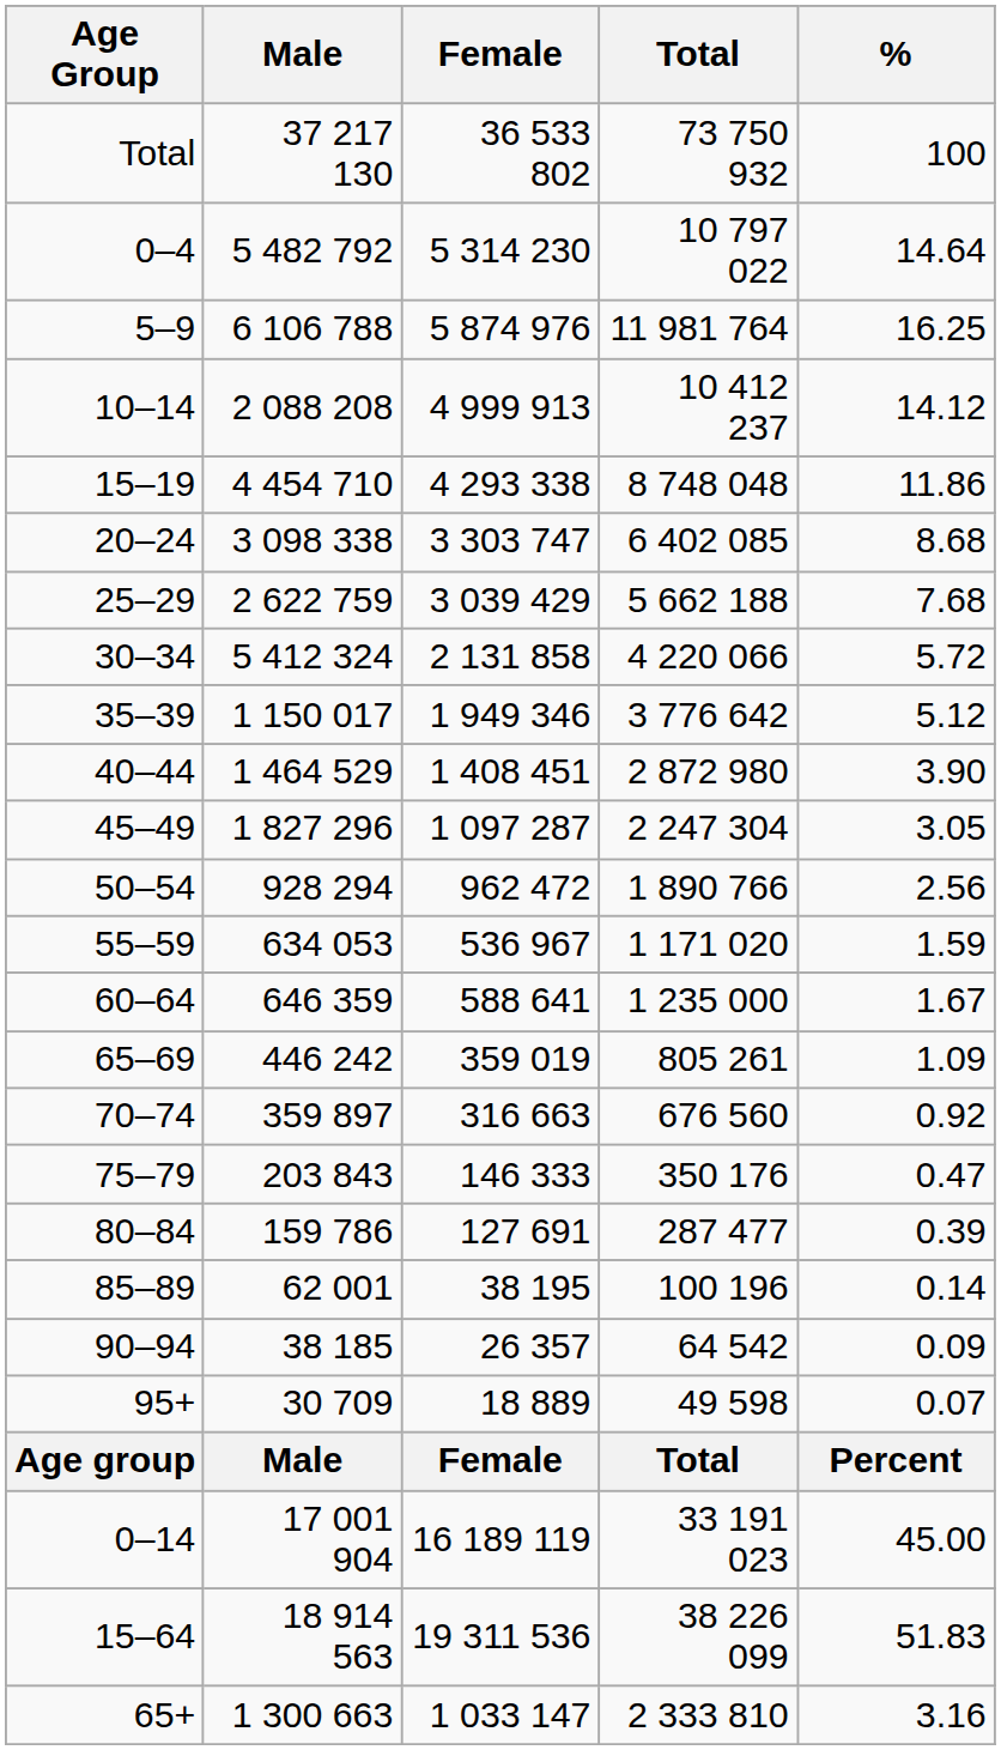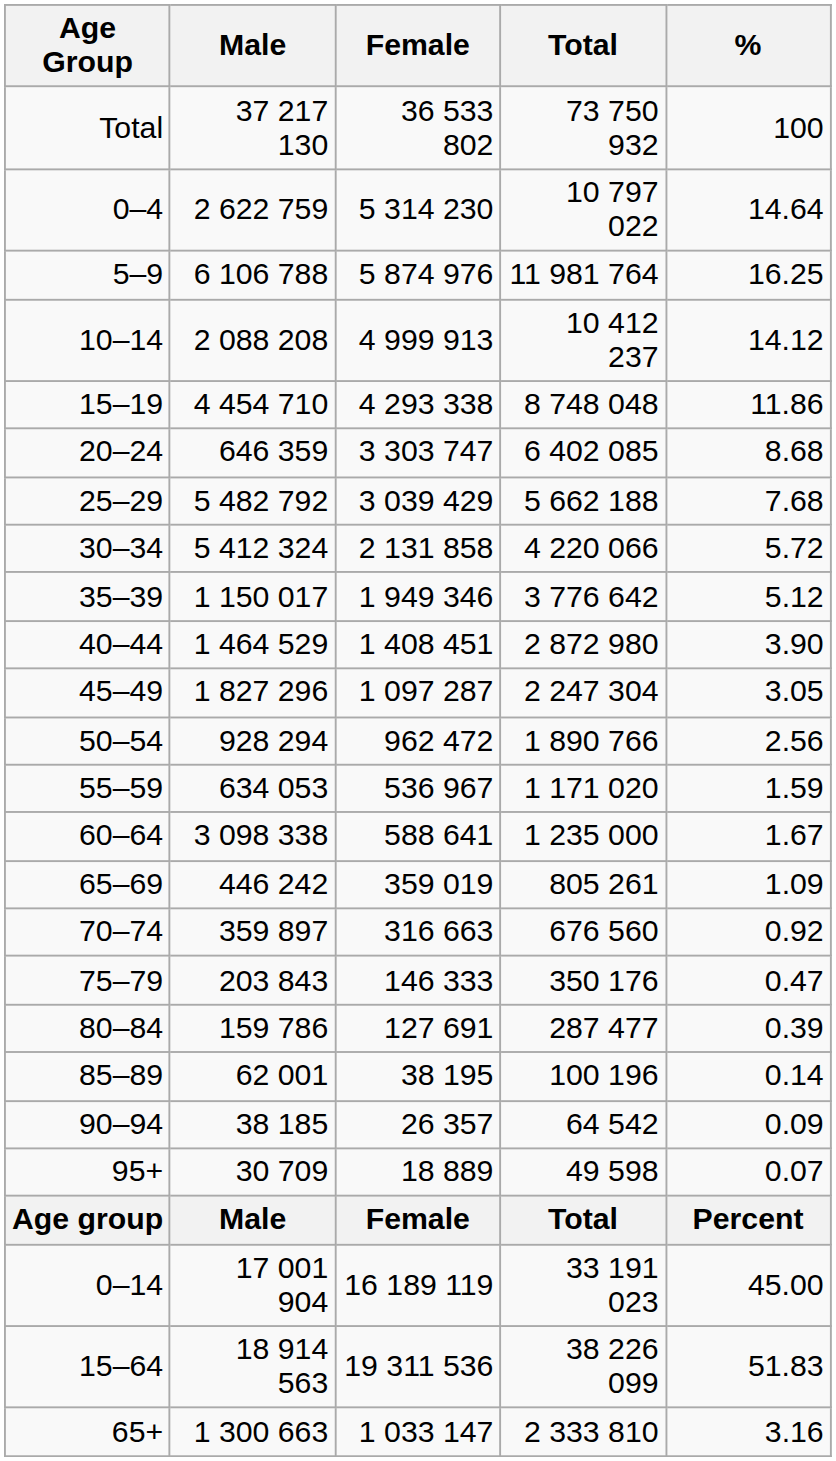 <table class="wikitable">
 <tr>
 <th width="80pt">Age Group</th>
 <th width="80pt">Male</th>
 <th width="80pt">Female</th>
 <th width="80pt">Total</th>
 <th width="80pt">%</th>
 </tr>
 <tr>
 <td align="right">Total</td>
 <td align="right">37 217 130</td>
 <td align="right">36 533 802</td>
 <td align="right">73 750 932</td>
 <td align="right">100</td>
 </tr>
 <tr>
 <td align="right">0–4</td>
-<td align="right">5 482 792</td>
+<td align="right">2 622 759</td>
 <td align="right">5 314 230</td>
 <td align="right">10 797 022</td>
 <td align="right">14.64</td>
 </tr>
 <tr>
 <td align="right">5–9</td>
 <td align="right">6 106 788</td>
 <td align="right">5 874 976</td>
 <td align="right">11 981 764</td>
 <td align="right">16.25</td>
 </tr>
 <tr>
 <td align="right">10–14</td>
 <td align="right">2 088 208</td>
 <td align="right">4 999 913</td>
 <td align="right">10 412 237</td>
 <td align="right">14.12</td>
 </tr>
 <tr>
 <td align="right">15–19</td>
 <td align="right">4 454 710</td>
 <td align="right">4 293 338</td>
 <td align="right">8 748 048</td>
 <td align="right">11.86</td>
 </tr>
 <tr>
 <td align="right">20–24</td>
-<td align="right">3 098 338</td>
+<td align="right">646 359</td>
 <td align="right">3 303 747</td>
 <td align="right">6 402 085</td>
 <td align="right">8.68</td>
 </tr>
 <tr>
 <td align="right">25–29</td>
-<td align="right">2 622 759</td>
+<td align="right">5 482 792</td>
 <td align="right">3 039 429</td>
 <td align="right">5 662 188</td>
 <td align="right">7.68</td>
 </tr>
 <tr>
 <td align="right">30–34</td>
 <td align="right">5 412 324</td>
 <td align="right">2 131 858</td>
 <td align="right">4 220 066</td>
 <td align="right">5.72</td>
 </tr>
 <tr>
 <td align="right">35–39</td>
 <td align="right">1 150 017</td>
 <td align="right">1 949 346</td>
 <td align="right">3 776 642</td>
 <td align="right">5.12</td>
 </tr>
 <tr>
 <td align="right">40–44</td>
 <td align="right">1 464 529</td>
 <td align="right">1 408 451</td>
 <td align="right">2 872 980</td>
 <td align="right">3.90</td>
 </tr>
 <tr>
 <td align="right">45–49</td>
 <td align="right">1 827 296</td>
 <td align="right">1 097 287</td>
 <td align="right">2 247 304</td>
 <td align="right">3.05</td>
 </tr>
 <tr>
 <td align="right">50–54</td>
 <td align="right">928 294</td>
 <td align="right">962 472</td>
 <td align="right">1 890 766</td>
 <td align="right">2.56</td>
 </tr>
 <tr>
 <td align="right">55–59</td>
 <td align="right">634 053</td>
 <td align="right">536 967</td>
 <td align="right">1 171 020</td>
 <td align="right">1.59</td>
 </tr>
 <tr>
 <td align="right">60–64</td>
-<td align="right">646 359</td>
+<td align="right">3 098 338</td>
 <td align="right">588 641</td>
 <td align="right">1 235 000</td>
 <td align="right">1.67</td>
 </tr>
 <tr>
 <td align="right">65–69</td>
 <td align="right">446 242</td>
 <td align="right">359 019</td>
 <td align="right">805 261</td>
 <td align="right">1.09</td>
 </tr>
 <tr>
 <td align="right">70–74</td>
 <td align="right">359 897</td>
 <td align="right">316 663</td>
 <td align="right">676 560</td>
 <td align="right">0.92</td>
 </tr>
 <tr>
 <td align="right">75–79</td>
 <td align="right">203 843</td>
 <td align="right">146 333</td>
 <td align="right">350 176</td>
 <td align="right">0.47</td>
 </tr>
 <tr>
 <td align="right">80–84</td>
 <td align="right">159 786</td>
 <td align="right">127 691</td>
 <td align="right">287 477</td>
 <td align="right">0.39</td>
 </tr>
 <tr>
 <td align="right">85–89</td>
 <td align="right">62 001</td>
 <td align="right">38 195</td>
 <td align="right">100 196</td>
 <td align="right">0.14</td>
 </tr>
 <tr>
 <td align="right">90–94</td>
 <td align="right">38 185</td>
 <td align="right">26 357</td>
 <td align="right">64 542</td>
 <td align="right">0.09</td>
 </tr>
 <tr>
 <td align="right">95+</td>
 <td align="right">30 709</td>
 <td align="right">18 889</td>
 <td align="right">49 598</td>
 <td align="right">0.07</td>
 </tr>
 <tr>
 <th width="50">Age group</th>
 <th width="80pt">Male</th>
 <th width="80">Female</th>
 <th width="80">Total</th>
 <th width="50">Percent</th>
 </tr>
 <tr>
 <td align="right">0–14</td>
 <td align="right">17 001 904</td>
 <td align="right">16 189 119</td>
 <td align="right">33 191 023</td>
 <td align="right">45.00</td>
 </tr>
 <tr>
 <td align="right">15–64</td>
 <td align="right">18 914 563</td>
 <td align="right">19 311 536</td>
 <td align="right">38 226 099</td>
 <td align="right">51.83</td>
 </tr>
 <tr>
 <td align="right">65+</td>
 <td align="right">1 300 663</td>
 <td align="right">1 033 147</td>
 <td align="right">2 333 810</td>
 <td align="right">3.16</td>
 </tr>
 <tr>
 </tr>
 </table>
